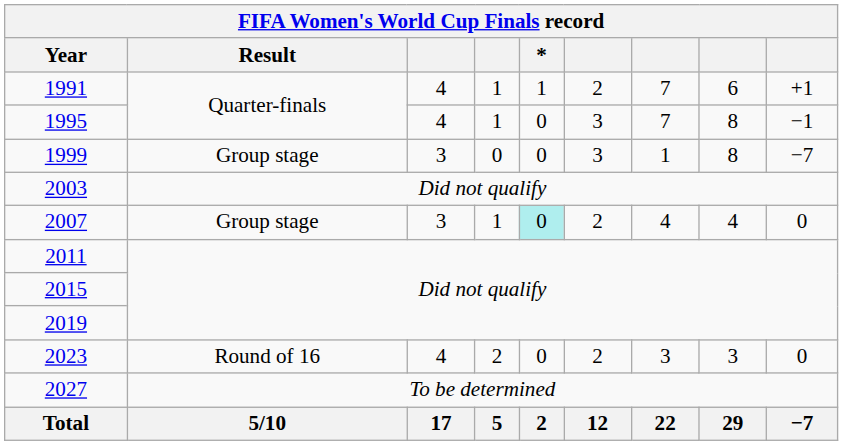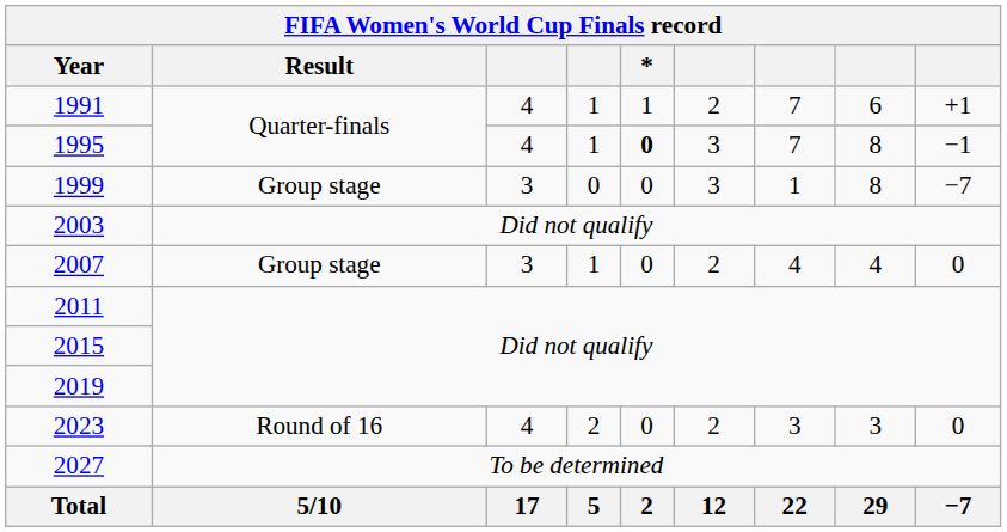 <table class="wikitable" style="text-align: center; width:50%;">
 <tr>
 <th colspan=10><a href='#'>FIFA Women's World Cup Finals</a> record</th>
 </tr>
 <tr>
 <th>Year</th>
 <th>Result</th>
 <th></th>
 <th></th>
 <th>*</th>
 <th></th>
 <th></th>
 <th></th>
 <th></th>
 </tr>
 <tr>
 <td> <a href='#'>1991</a></td>
 <td rowspan=2>Quarter-finals</td>
 <td>4</td>
 <td>1</td>
 <td>1</td>
 <td>2</td>
 <td>7</td>
 <td>6</td>
 <td>+1</td>
 </tr>
 <tr>
 <td> <a href='#'>1995</a></td>
 <td>4</td>
 <td>1</td>
-<td>0</td>
+<td><strong>0</strong></td>
 <td>3</td>
 <td>7</td>
 <td>8</td>
 <td>−1</td>
 </tr>
 <tr>
 <td> <a href='#'>1999</a></td>
 <td>Group stage</td>
 <td>3</td>
 <td>0</td>
 <td>0</td>
 <td>3</td>
 <td>1</td>
 <td>8</td>
 <td>−7</td>
 </tr>
 <tr>
 <td> <a href='#'>2003</a></td>
 <td colspan=8><em>Did not qualify</em></td>
 </tr>
 <tr>
 <td> <a href='#'>2007</a></td>
 <td>Group stage</td>
 <td>3</td>
 <td>1</td>
-<td style="background: paleturquoise;">0</td>
+<td>0</td>
 <td>2</td>
 <td>4</td>
 <td>4</td>
 <td>0</td>
 </tr>
 <tr>
 <td> <a href='#'>2011</a></td>
 <td colspan=8 rowspan=3><em>Did not qualify</em></td>
 </tr>
 <tr>
 <td> <a href='#'>2015</a></td>
 </tr>
 <tr>
 <td> <a href='#'>2019</a></td>
 </tr>
 <tr>
 <td> <a href='#'>2023</a></td>
 <td>Round of 16</td>
 <td>4</td>
 <td>2</td>
 <td>0</td>
 <td>2</td>
 <td>3</td>
 <td>3</td>
 <td>0</td>
 </tr>
 <tr>
 <td> <a href='#'>2027</a></td>
 <td colspan=8><em>To be determined</em></td>
 </tr>
 <tr>
 <th>Total</th>
 <th>5/10</th>
 <th>17</th>
 <th>5</th>
 <th>2</th>
 <th>12</th>
 <th>22</th>
 <th>29</th>
 <th>−7</th>
 </tr>
 </table>
